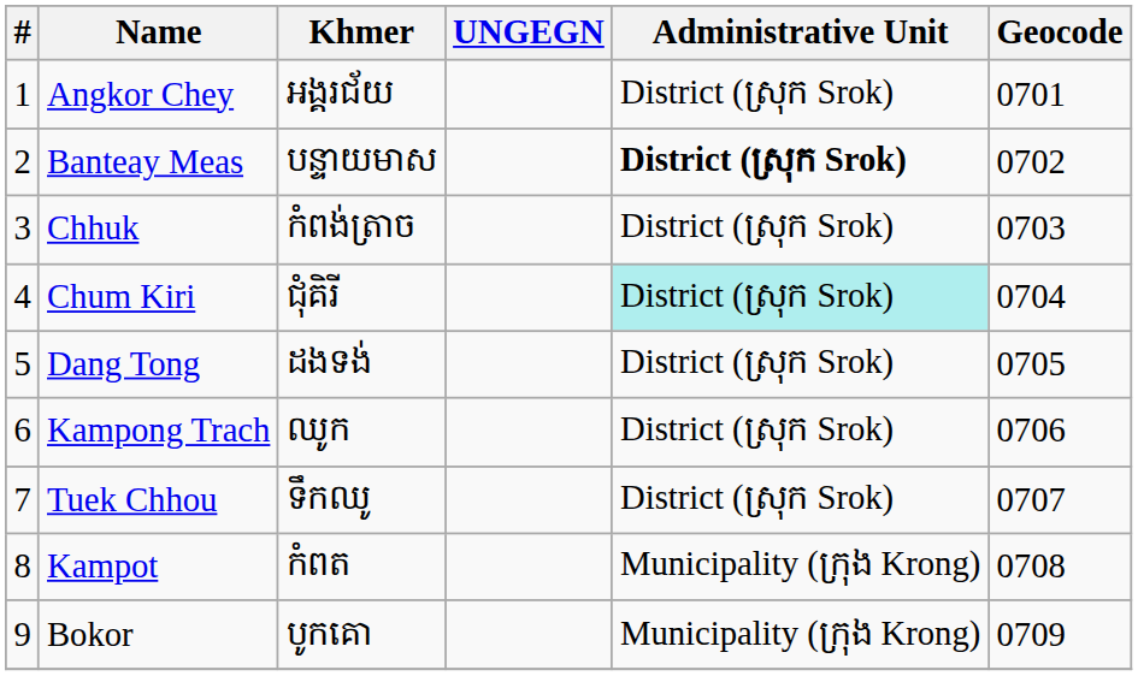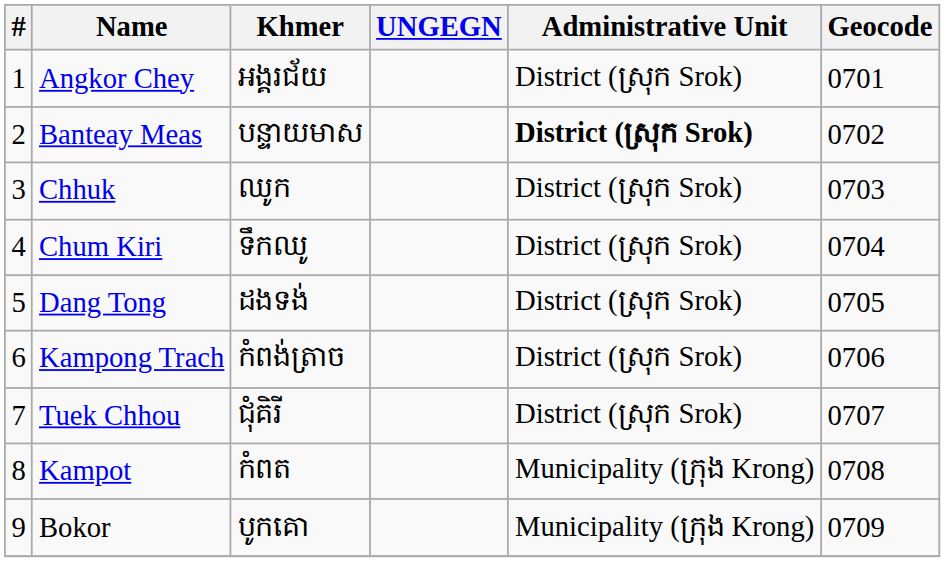 <table class="wikitable sortable">
 <tr>
 <th>#</th>
 <th>Name</th>
 <th>Khmer</th>
 <th><a href='#'>UNGEGN</a></th>
 <th>Administrative Unit</th>
 <th>Geocode</th>
 </tr>
 <tr>
 <td>1</td>
 <td><a href='#'>Angkor Chey</a></td>
 <td>អង្គរជ័យ</td>
 <td></td>
 <td>District (ស្រុក Srok)</td>
 <td>0701</td>
 </tr>
 <tr>
 <td>2</td>
 <td><a href='#'>Banteay Meas</a></td>
 <td>បន្ទាយមាស</td>
 <td></td>
 <td><strong>District (ស្រុក Srok)</strong></td>
 <td>0702</td>
 </tr>
 <tr>
 <td>3</td>
 <td><a href='#'>Chhuk</a></td>
-<td>កំពង់ត្រាច</td>
+<td>ឈូក</td>
 <td></td>
 <td>District (ស្រុក Srok)</td>
 <td>0703</td>
 </tr>
 <tr>
 <td>4</td>
 <td><a href='#'>Chum Kiri</a></td>
-<td>ជុំគិរី</td>
+<td>ទឹកឈូ</td>
 <td></td>
-<td style="background: paleturquoise;">District (ស្រុក Srok)</td>
+<td>District (ស្រុក Srok)</td>
 <td>0704</td>
 </tr>
 <tr>
 <td>5</td>
 <td><a href='#'>Dang Tong</a></td>
 <td>ដងទង់</td>
 <td></td>
 <td>District (ស្រុក Srok)</td>
 <td>0705</td>
 </tr>
 <tr>
 <td>6</td>
 <td><a href='#'>Kampong Trach</a></td>
-<td>ឈូក</td>
+<td>កំពង់ត្រាច</td>
 <td></td>
 <td>District (ស្រុក Srok)</td>
 <td>0706</td>
 </tr>
 <tr>
 <td>7</td>
 <td><a href='#'>Tuek Chhou</a></td>
-<td>ទឹកឈូ</td>
+<td>ជុំគិរី</td>
 <td></td>
 <td>District (ស្រុក Srok)</td>
 <td>0707</td>
 </tr>
 <tr>
 <td>8</td>
 <td><a href='#'>Kampot</a></td>
 <td>កំពត</td>
 <td></td>
 <td>Municipality (ក្រុង Krong)</td>
 <td>0708</td>
 </tr>
 <tr>
 <td>9</td>
 <td>Bokor</td>
 <td>បូកគោ</td>
 <td></td>
 <td>Municipality (ក្រុង Krong)</td>
 <td>0709</td>
 </tr>
 <tr>
 </tr>
 </table>
